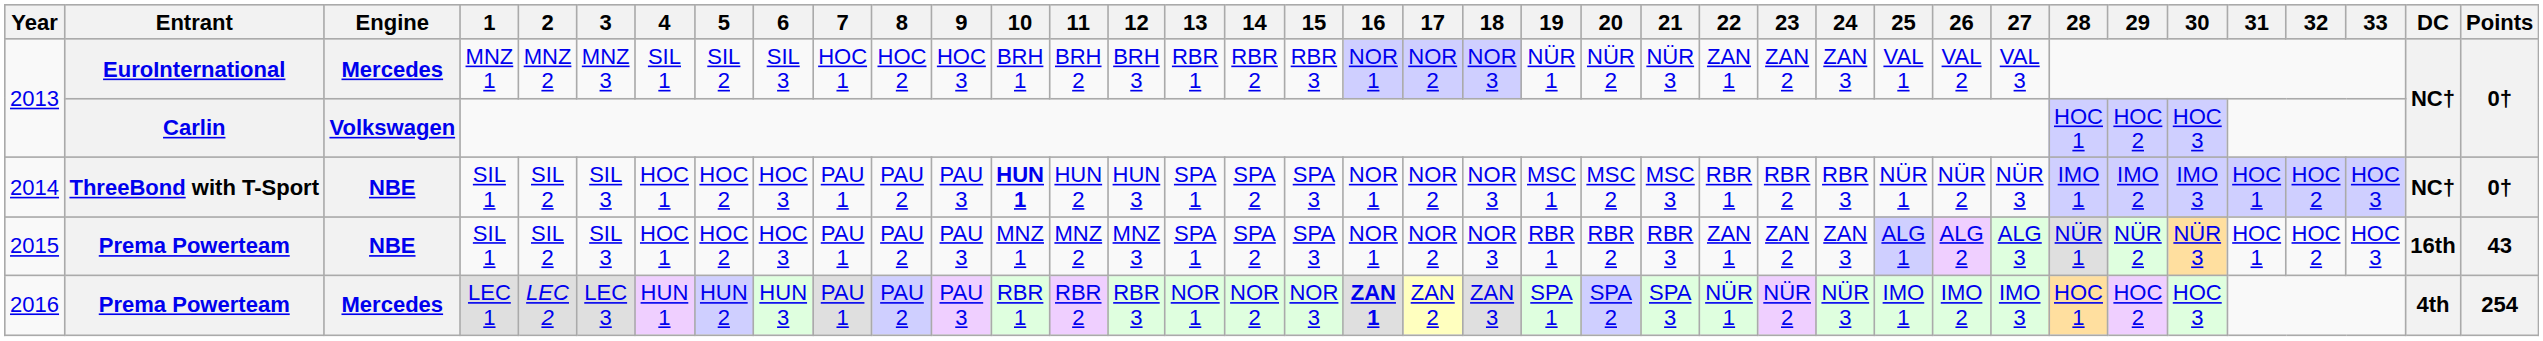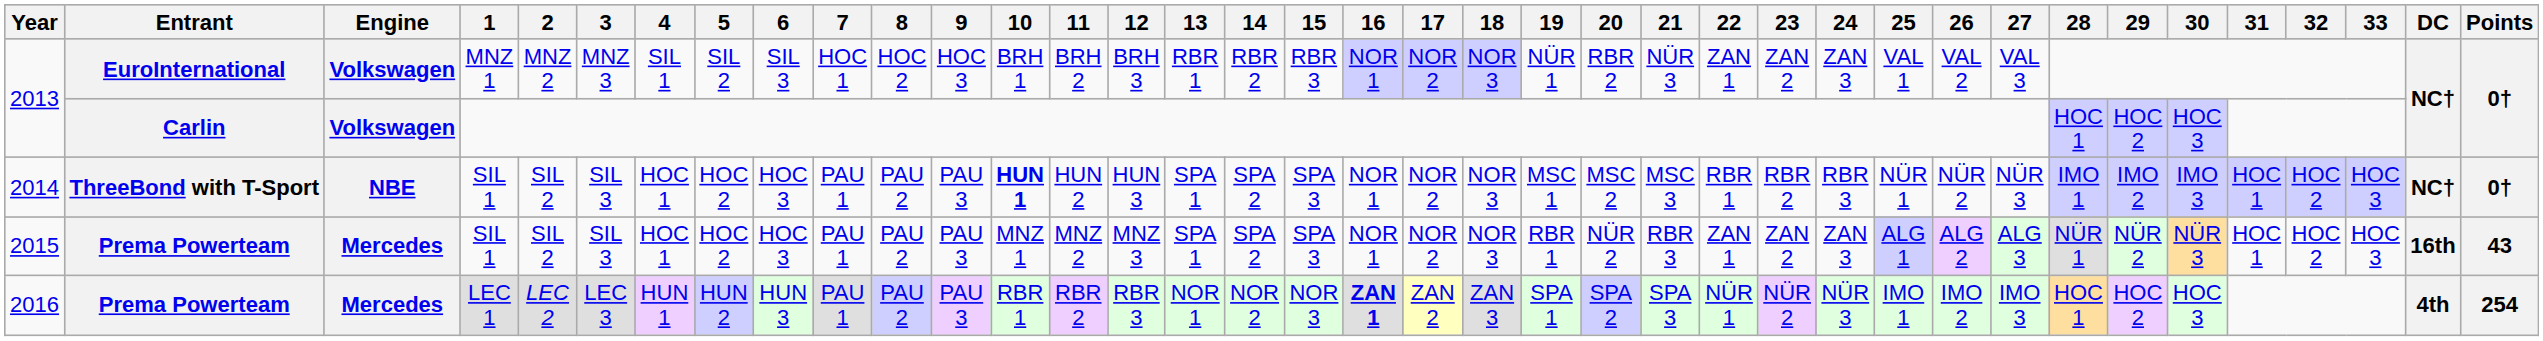 <table class="wikitable" style="text-align:center; font-size:85%">
 <tr>
 <th>Year</th>
 <th>Entrant</th>
 <th>Engine</th>
 <th>1</th>
 <th>2</th>
 <th>3</th>
 <th>4</th>
 <th>5</th>
 <th>6</th>
 <th>7</th>
 <th>8</th>
 <th>9</th>
 <th>10</th>
 <th>11</th>
 <th>12</th>
 <th>13</th>
 <th>14</th>
 <th>15</th>
 <th>16</th>
 <th>17</th>
 <th>18</th>
 <th>19</th>
 <th>20</th>
 <th>21</th>
 <th>22</th>
 <th>23</th>
 <th>24</th>
 <th>25</th>
 <th>26</th>
 <th>27</th>
 <th>28</th>
 <th>29</th>
 <th>30</th>
 <th>31</th>
 <th>32</th>
 <th>33</th>
 <th>DC</th>
 <th>Points</th>
 </tr>
 <tr>
 <td rowspan=2><a href='#'>2013</a></td>
 <th nowrap><a href='#'>EuroInternational</a></th>
-<th nowrap><a href='#'>Mercedes</a></th>
+<th nowrap><a href='#'>Volkswagen</a></th>
 <td><a href='#'>MNZ<br>1</a></td>
 <td><a href='#'>MNZ<br>2</a></td>
 <td><a href='#'>MNZ<br>3</a></td>
 <td><a href='#'>SIL<br>1</a></td>
 <td><a href='#'>SIL<br>2</a></td>
 <td><a href='#'>SIL<br>3</a></td>
 <td><a href='#'>HOC<br>1</a></td>
 <td><a href='#'>HOC<br>2</a></td>
 <td><a href='#'>HOC<br>3</a></td>
 <td><a href='#'>BRH<br>1</a></td>
 <td><a href='#'>BRH<br>2</a></td>
 <td><a href='#'>BRH<br>3</a></td>
 <td><a href='#'>RBR<br>1</a></td>
 <td><a href='#'>RBR<br>2</a></td>
 <td><a href='#'>RBR<br>3</a></td>
 <td style="background:#CFCFFF"><a href='#'>NOR<br>1</a><br></td>
 <td style="background:#CFCFFF"><a href='#'>NOR<br>2</a><br></td>
 <td style="background:#CFCFFF"><a href='#'>NOR<br>3</a><br></td>
 <td><a href='#'>NÜR<br>1</a></td>
-<td><a href='#'>NÜR<br>2</a></td>
+<td><a href='#'>RBR<br>2</a></td>
 <td><a href='#'>NÜR<br>3</a></td>
 <td><a href='#'>ZAN<br>1</a></td>
 <td><a href='#'>ZAN<br>2</a></td>
 <td><a href='#'>ZAN<br>3</a></td>
 <td><a href='#'>VAL<br>1</a></td>
 <td><a href='#'>VAL<br>2</a></td>
 <td><a href='#'>VAL<br>3</a></td>
 <td colspan=6></td>
 <th rowspan=2>NC†</th>
 <th rowspan=2>0†</th>
 </tr>
 <tr>
 <th nowrap><a href='#'>Carlin</a></th>
 <th nowrap><a href='#'>Volkswagen</a></th>
 <td colspan=27></td>
 <td style="background:#CFCFFF"><a href='#'>HOC<br>1</a><br></td>
 <td style="background:#CFCFFF"><a href='#'>HOC<br>2</a><br></td>
 <td style="background:#CFCFFF"><a href='#'>HOC<br>3</a><br></td>
 <td colspan=3></td>
 </tr>
 <tr>
 <td><a href='#'>2014</a></td>
 <th nowrap><a href='#'>ThreeBond</a> with T-Sport</th>
 <th nowrap><a href='#'>NBE</a></th>
 <td><a href='#'>SIL<br>1</a></td>
 <td><a href='#'>SIL<br>2</a></td>
 <td><a href='#'>SIL<br>3</a></td>
 <td><a href='#'>HOC<br>1</a></td>
 <td><a href='#'>HOC<br>2</a></td>
 <td><a href='#'>HOC<br>3</a></td>
 <td><a href='#'>PAU<br>1</a></td>
 <td><a href='#'>PAU<br>2</a></td>
 <td><a href='#'>PAU<br>3</a></td>
 <td><strong><a href='#'>HUN<br>1</a></strong></td>
 <td><a href='#'>HUN<br>2</a></td>
 <td><a href='#'>HUN<br>3</a></td>
 <td><a href='#'>SPA<br>1</a></td>
 <td><a href='#'>SPA<br>2</a></td>
 <td><a href='#'>SPA<br>3</a></td>
 <td><a href='#'>NOR<br>1</a></td>
 <td><a href='#'>NOR<br>2</a></td>
 <td><a href='#'>NOR<br>3</a></td>
 <td><a href='#'>MSC<br>1</a></td>
 <td><a href='#'>MSC<br>2</a></td>
 <td><a href='#'>MSC<br>3</a></td>
 <td><a href='#'>RBR<br>1</a></td>
 <td><a href='#'>RBR<br>2</a></td>
 <td><a href='#'>RBR<br>3</a></td>
 <td><a href='#'>NÜR<br>1</a></td>
 <td><a href='#'>NÜR<br>2</a></td>
 <td><a href='#'>NÜR<br>3</a></td>
 <td style="background:#CFCFFF"><a href='#'>IMO<br>1</a><br></td>
 <td style="background:#CFCFFF"><a href='#'>IMO<br>2</a><br></td>
 <td style="background:#CFCFFF"><a href='#'>IMO<br>3</a><br></td>
 <td style="background:#CFCFFF"><a href='#'>HOC<br>1</a><br></td>
 <td style="background:#CFCFFF"><a href='#'>HOC<br>2</a><br></td>
 <td style="background:#CFCFFF"><a href='#'>HOC<br>3</a><br></td>
 <th>NC†</th>
 <th>0†</th>
 </tr>
 <tr>
 <td><a href='#'>2015</a></td>
 <th nowrap><a href='#'>Prema Powerteam</a></th>
-<th nowrap><a href='#'>NBE</a></th>
+<th nowrap><a href='#'>Mercedes</a></th>
 <td><a href='#'>SIL<br>1</a></td>
 <td><a href='#'>SIL<br>2</a></td>
 <td><a href='#'>SIL<br>3</a></td>
 <td><a href='#'>HOC<br>1</a></td>
 <td><a href='#'>HOC<br>2</a></td>
 <td><a href='#'>HOC<br>3</a></td>
 <td><a href='#'>PAU<br>1</a></td>
 <td><a href='#'>PAU<br>2</a></td>
 <td><a href='#'>PAU<br>3</a></td>
 <td><a href='#'>MNZ<br>1</a></td>
 <td><a href='#'>MNZ<br>2</a></td>
 <td><a href='#'>MNZ<br>3</a></td>
 <td><a href='#'>SPA<br>1</a></td>
 <td><a href='#'>SPA<br>2</a></td>
 <td><a href='#'>SPA<br>3</a></td>
 <td><a href='#'>NOR<br>1</a></td>
 <td><a href='#'>NOR<br>2</a></td>
 <td><a href='#'>NOR<br>3</a></td>
 <td><a href='#'>RBR<br>1</a></td>
-<td><a href='#'>RBR<br>2</a></td>
+<td><a href='#'>NÜR<br>2</a></td>
 <td><a href='#'>RBR<br>3</a></td>
 <td><a href='#'>ZAN<br>1</a></td>
 <td><a href='#'>ZAN<br>2</a></td>
 <td><a href='#'>ZAN<br>3</a></td>
 <td style="background:#CFCFFF"><a href='#'>ALG<br>1</a><br></td>
 <td style="background:#EFCFFF"><a href='#'>ALG<br>2</a><br></td>
 <td style="background:#DFFFDF"><a href='#'>ALG<br>3</a><br></td>
 <td style="background:#DFDFDF"><a href='#'>NÜR<br>1</a><br></td>
 <td style="background:#DFFFDF"><a href='#'>NÜR<br>2</a><br></td>
 <td style="background:#FFDF9F"><a href='#'>NÜR<br>3</a><br></td>
 <td><a href='#'>HOC<br>1</a></td>
 <td><a href='#'>HOC<br>2</a></td>
 <td><a href='#'>HOC<br>3</a></td>
 <th>16th</th>
 <th>43</th>
 </tr>
 <tr>
 <td><a href='#'>2016</a></td>
 <th nowrap><a href='#'>Prema Powerteam</a></th>
 <th nowrap><a href='#'>Mercedes</a></th>
 <td style="background:#DFDFDF"><a href='#'>LEC<br>1</a><br></td>
 <td style="background:#DFDFDF"><em><a href='#'>LEC<br>2</a></em><br></td>
 <td style="background:#DFDFDF"><a href='#'>LEC<br>3</a><br></td>
 <td style="background:#EFCFFF"><a href='#'>HUN<br>1</a><br></td>
 <td style="background:#CFCFFF"><a href='#'>HUN<br>2</a><br></td>
 <td style="background:#DFFFDF"><a href='#'>HUN<br>3</a><br></td>
 <td style="background:#DFDFDF"><a href='#'>PAU<br>1</a><br></td>
 <td style="background:#CFCFFF"><a href='#'>PAU<br>2</a><br></td>
 <td style="background:#EFCFFF"><a href='#'>PAU<br>3</a><br></td>
 <td style="background:#DFFFDF"><a href='#'>RBR<br>1</a><br></td>
 <td style="background:#EFCFFF"><a href='#'>RBR<br>2</a><br></td>
 <td style="background:#DFFFDF"><a href='#'>RBR<br>3</a><br></td>
 <td style="background:#DFFFDF"><a href='#'>NOR<br>1</a><br></td>
 <td style="background:#DFFFDF"><a href='#'>NOR<br>2</a><br></td>
 <td style="background:#DFFFDF"><a href='#'>NOR<br>3</a><br></td>
 <td style="background:#DFDFDF"><strong><a href='#'>ZAN<br>1</a></strong><br></td>
 <td style="background:#FFFFBF"><a href='#'>ZAN<br>2</a><br></td>
 <td style="background:#DFDFDF"><a href='#'>ZAN<br>3</a><br></td>
 <td style="background:#DFFFDF"><a href='#'>SPA<br>1</a><br></td>
 <td style="background:#CFCFFF"><a href='#'>SPA<br>2</a><br></td>
 <td style="background:#DFFFDF"><a href='#'>SPA<br>3</a><br></td>
 <td style="background:#DFFFDF"><a href='#'>NÜR<br>1</a><br></td>
 <td style="background:#EFCFFF"><a href='#'>NÜR<br>2</a><br></td>
 <td style="background:#DFFFDF"><a href='#'>NÜR<br>3</a><br></td>
 <td style="background:#DFFFDF"><a href='#'>IMO<br>1</a><br></td>
 <td style="background:#DFFFDF"><a href='#'>IMO<br>2</a><br></td>
 <td style="background:#DFFFDF"><a href='#'>IMO<br>3</a><br></td>
 <td style="background:#FFDF9F"><a href='#'>HOC<br>1</a><br></td>
 <td style="background:#EFCFFF"><a href='#'>HOC<br>2</a><br></td>
 <td style="background:#DFFFDF"><a href='#'>HOC<br>3</a><br></td>
 <td colspan=3></td>
 <th>4th</th>
 <th>254</th>
 </tr>
 </table>
